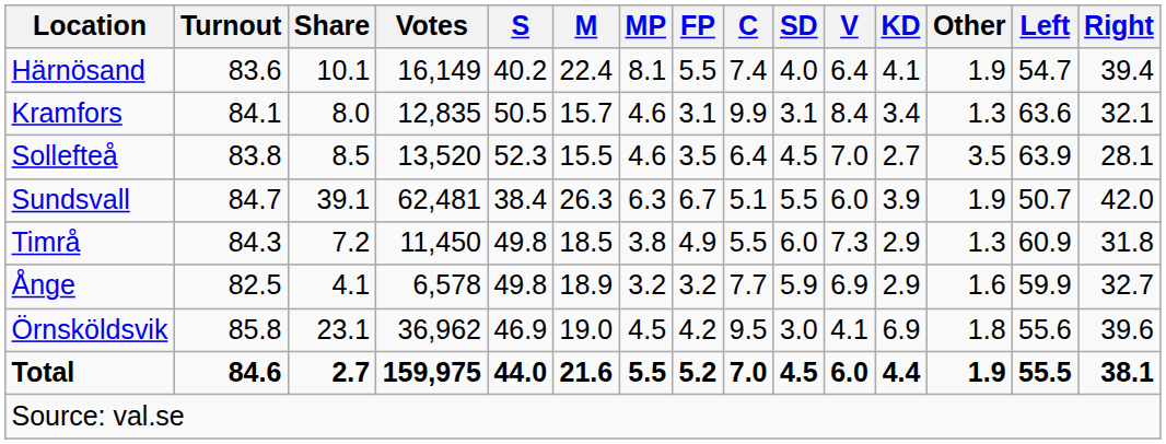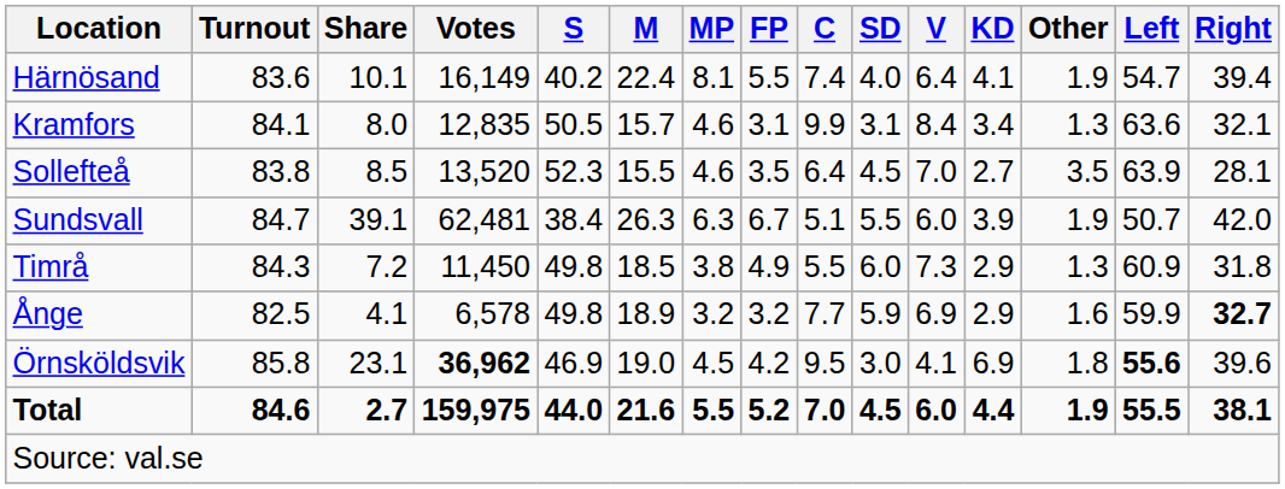 <table class="wikitable sortable" style=text-align:right>
 <tr>
 <th>Location</th>
 <th>Turnout</th>
 <th>Share</th>
 <th>Votes</th>
 <th><a href='#'>S</a></th>
 <th><a href='#'>M</a></th>
 <th><a href='#'>MP</a></th>
 <th><a href='#'>FP</a></th>
 <th><a href='#'>C</a></th>
 <th><a href='#'>SD</a></th>
 <th><a href='#'>V</a></th>
 <th><a href='#'>KD</a></th>
 <th>Other</th>
 <th><a href='#'>Left</a></th>
 <th><a href='#'>Right</a></th>
 </tr>
 <tr>
 <td align=left><a href='#'>Härnösand</a></td>
 <td>83.6</td>
 <td>10.1</td>
 <td>16,149</td>
 <td>40.2</td>
 <td>22.4</td>
 <td>8.1</td>
 <td>5.5</td>
 <td>7.4</td>
 <td>4.0</td>
 <td>6.4</td>
 <td>4.1</td>
 <td>1.9</td>
 <td>54.7</td>
 <td>39.4</td>
 </tr>
 <tr>
 <td align=left><a href='#'>Kramfors</a></td>
 <td>84.1</td>
 <td>8.0</td>
 <td>12,835</td>
 <td>50.5</td>
 <td>15.7</td>
 <td>4.6</td>
 <td>3.1</td>
 <td>9.9</td>
 <td>3.1</td>
 <td>8.4</td>
 <td>3.4</td>
 <td>1.3</td>
 <td>63.6</td>
 <td>32.1</td>
 </tr>
 <tr>
 <td align=left><a href='#'>Sollefteå</a></td>
 <td>83.8</td>
 <td>8.5</td>
 <td>13,520</td>
 <td>52.3</td>
 <td>15.5</td>
 <td>4.6</td>
 <td>3.5</td>
 <td>6.4</td>
 <td>4.5</td>
 <td>7.0</td>
 <td>2.7</td>
 <td>3.5</td>
 <td>63.9</td>
 <td>28.1</td>
 </tr>
 <tr>
 <td align=left><a href='#'>Sundsvall</a></td>
 <td>84.7</td>
 <td>39.1</td>
 <td>62,481</td>
 <td>38.4</td>
 <td>26.3</td>
 <td>6.3</td>
 <td>6.7</td>
 <td>5.1</td>
 <td>5.5</td>
 <td>6.0</td>
 <td>3.9</td>
 <td>1.9</td>
 <td>50.7</td>
 <td>42.0</td>
 </tr>
 <tr>
 <td align=left><a href='#'>Timrå</a></td>
 <td>84.3</td>
 <td>7.2</td>
 <td>11,450</td>
 <td>49.8</td>
 <td>18.5</td>
 <td>3.8</td>
 <td>4.9</td>
 <td>5.5</td>
 <td>6.0</td>
 <td>7.3</td>
 <td>2.9</td>
 <td>1.3</td>
 <td>60.9</td>
 <td>31.8</td>
 </tr>
 <tr>
 <td align=left><a href='#'>Ånge</a></td>
 <td>82.5</td>
 <td>4.1</td>
 <td>6,578</td>
 <td>49.8</td>
 <td>18.9</td>
 <td>3.2</td>
 <td>3.2</td>
 <td>7.7</td>
 <td>5.9</td>
 <td>6.9</td>
 <td>2.9</td>
 <td>1.6</td>
 <td>59.9</td>
-<td>32.7</td>
+<td><strong>32.7</strong></td>
 </tr>
 <tr>
 <td align=left><a href='#'>Örnsköldsvik</a></td>
 <td>85.8</td>
 <td>23.1</td>
-<td>36,962</td>
+<td><strong>36,962</strong></td>
 <td>46.9</td>
 <td>19.0</td>
 <td>4.5</td>
 <td>4.2</td>
 <td>9.5</td>
 <td>3.0</td>
 <td>4.1</td>
 <td>6.9</td>
 <td>1.8</td>
-<td>55.6</td>
+<td><strong>55.6</strong></td>
 <td>39.6</td>
 </tr>
 <tr>
 <td align=left><strong>Total</strong></td>
 <td><strong>84.6</strong></td>
 <td><strong>2.7</strong></td>
 <td><strong>159,975</strong></td>
 <td><strong>44.0</strong></td>
 <td><strong>21.6</strong></td>
 <td><strong>5.5</strong></td>
 <td><strong>5.2</strong></td>
 <td><strong>7.0</strong></td>
 <td><strong>4.5</strong></td>
 <td><strong>6.0</strong></td>
 <td><strong>4.4</strong></td>
 <td><strong>1.9</strong></td>
 <td><strong>55.5</strong></td>
 <td><strong>38.1</strong></td>
 </tr>
 <tr>
 <td align=left colspan=15>Source: val.se </td>
 </tr>
 </table>
